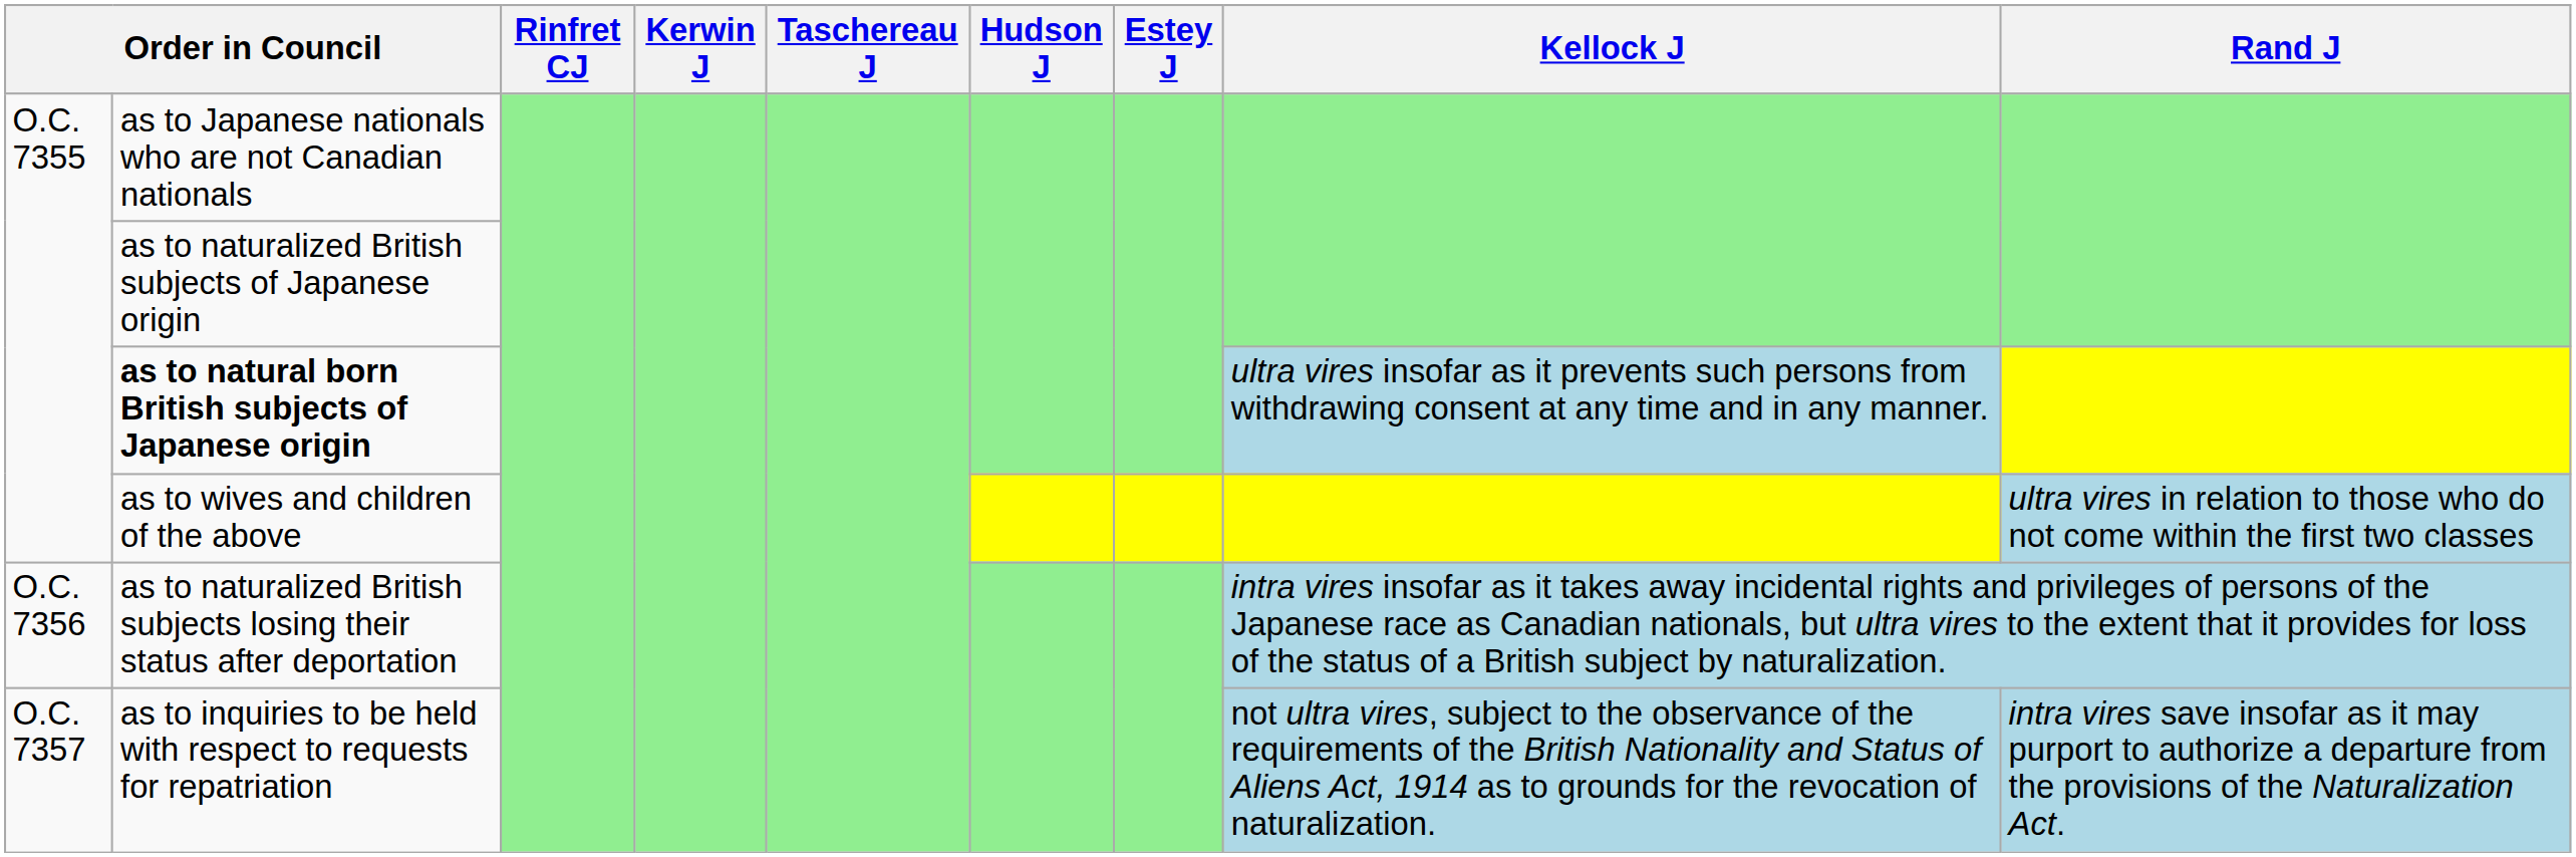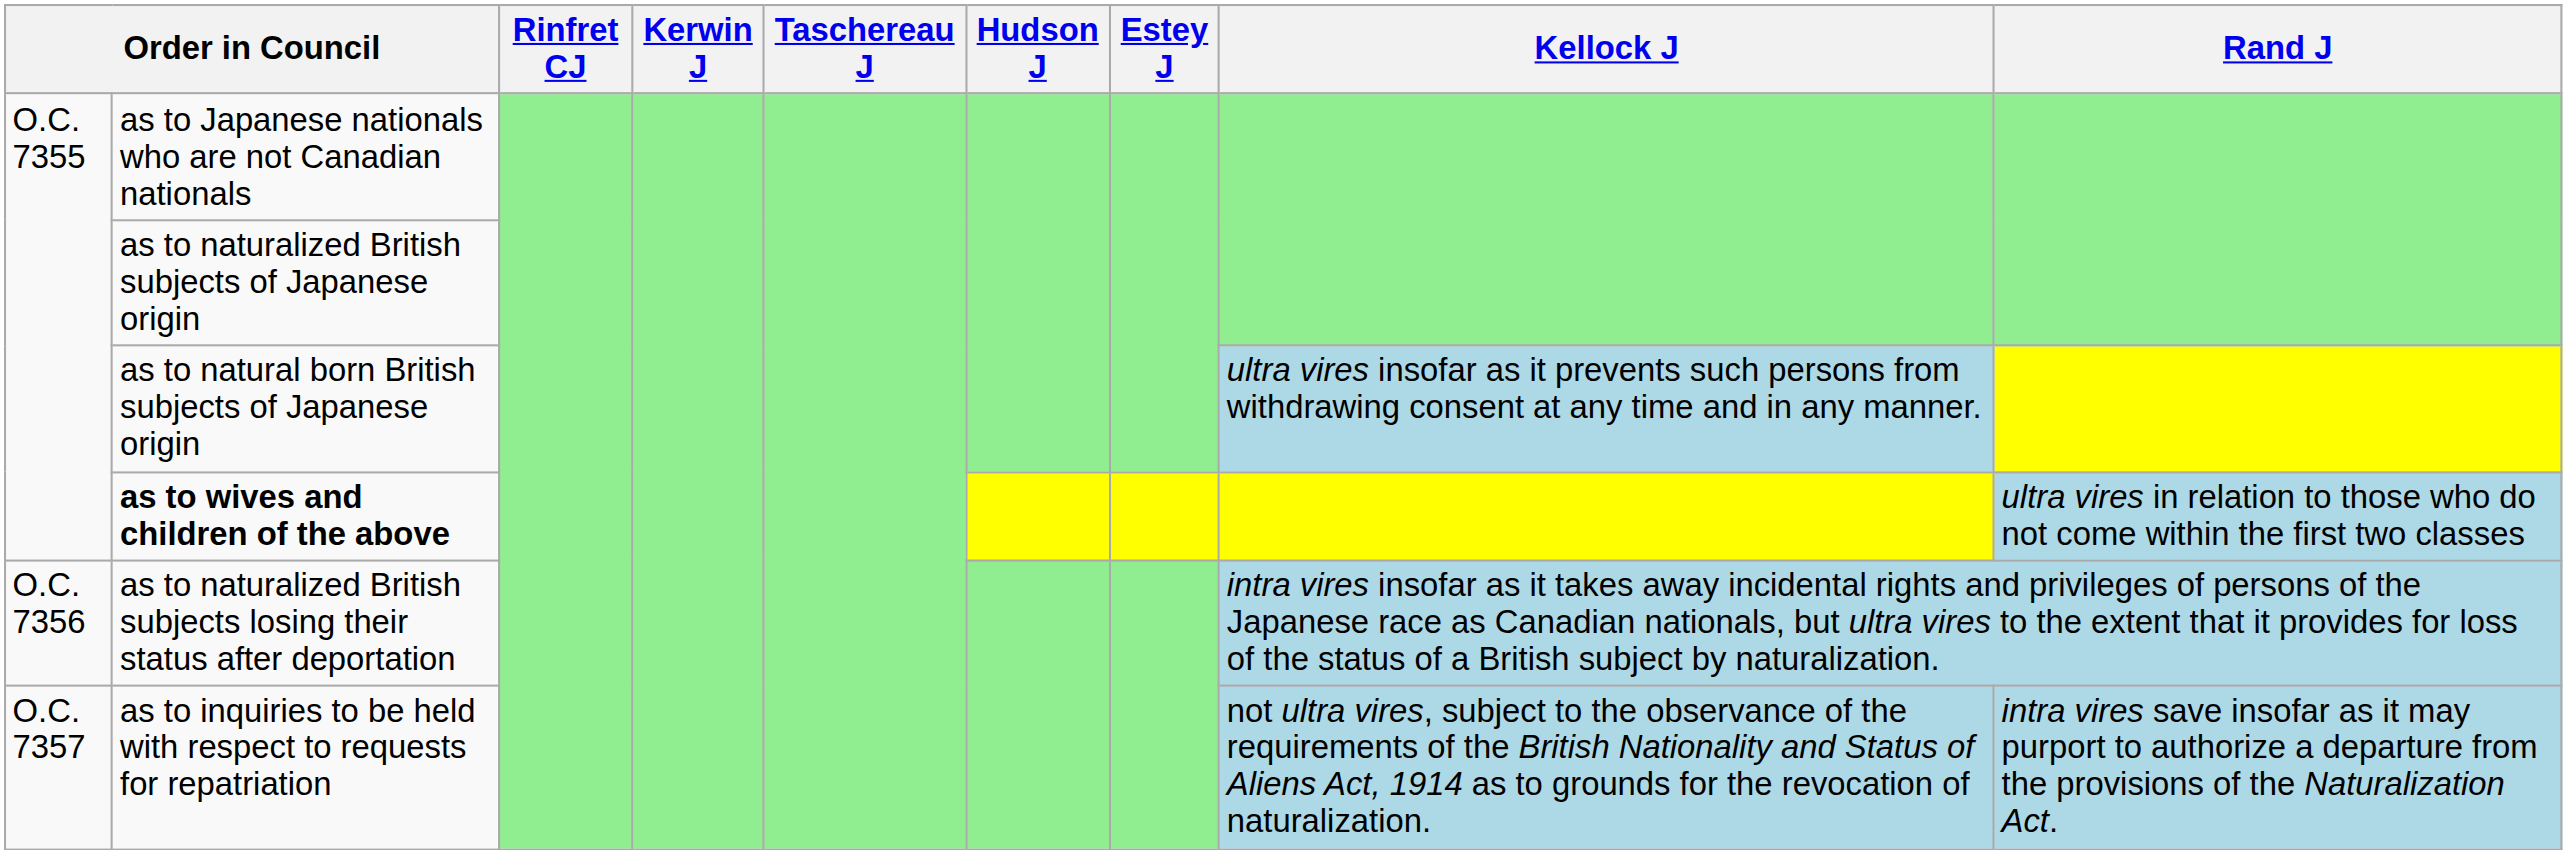 <table class="wikitable" border="1">
 <tr>
 <th colspan = "2">Order in Council</th>
 <th><a href='#'>Rinfret CJ</a></th>
 <th><a href='#'>Kerwin J</a></th>
 <th><a href='#'>Taschereau J</a></th>
 <th><a href='#'>Hudson J</a></th>
 <th><a href='#'>Estey J</a></th>
 <th><a href='#'>Kellock J</a></th>
 <th><a href='#'>Rand J</a></th>
 </tr>
 <tr valign="top">
 <td rowspan = "4">O.C. 7355</td>
 <td>as to Japanese nationals who are not Canadian nationals</td>
 <td rowspan = "6" style="background:lightgreen;"></td>
 <td rowspan = "6" style="background:lightgreen;"></td>
 <td rowspan = "6" style="background:lightgreen;"></td>
 <td rowspan = "3" style="background:lightgreen;"></td>
 <td rowspan = "3" style="background:lightgreen;"></td>
 <td rowspan = "2" style="background:lightgreen;"></td>
 <td rowspan = "2" style="background:lightgreen;"></td>
 </tr>
 <tr valign="top">
 <td>as to naturalized British subjects of Japanese origin</td>
 </tr>
 <tr valign="top">
-<td><strong>as to natural born British subjects of Japanese origin</strong></td>
+<td>as to natural born British subjects of Japanese origin</td>
 <td style="background:lightblue;"><em>ultra vires</em> insofar as it prevents such persons from withdrawing consent at any time and in any manner.</td>
 <td style="background:yellow;"></td>
 </tr>
 <tr valign="top">
-<td>as to wives and children of the above</td>
+<td><strong>as to wives and children of the above</strong></td>
 <td style="background:yellow;"></td>
 <td style="background:yellow;"></td>
 <td style="background:yellow;"></td>
 <td style="background:lightblue;"><em>ultra vires</em> in relation to those who do not come within the first two classes</td>
 </tr>
 <tr valign="top">
 <td>O.C. 7356</td>
 <td>as to naturalized British subjects losing their status after deportation</td>
 <td rowspan = "2" style="background:lightgreen;"></td>
 <td rowspan = "2" style="background:lightgreen;"></td>
 <td colspan = "2" style="background:lightblue;"><em>intra vires</em> insofar as it takes away incidental rights and privileges of persons of the Japanese race as Canadian nationals, but <em>ultra vires</em> to the extent that it provides for loss of the status of a British subject by naturalization.</td>
 </tr>
 <tr valign="top">
 <td>O.C. 7357</td>
 <td>as to inquiries to be held with respect to requests for repatriation</td>
 <td style="background:lightblue;">not <em>ultra vires</em>, subject to the observance of the requirements of the <em>British Nationality and Status of Aliens Act, 1914</em> as to grounds for the revocation of naturalization.</td>
 <td style="background:lightblue;"><em>intra vires</em> save insofar as it may purport to authorize a departure from the provisions of the <em>Naturalization Act</em>.</td>
 </tr>
 </table>
